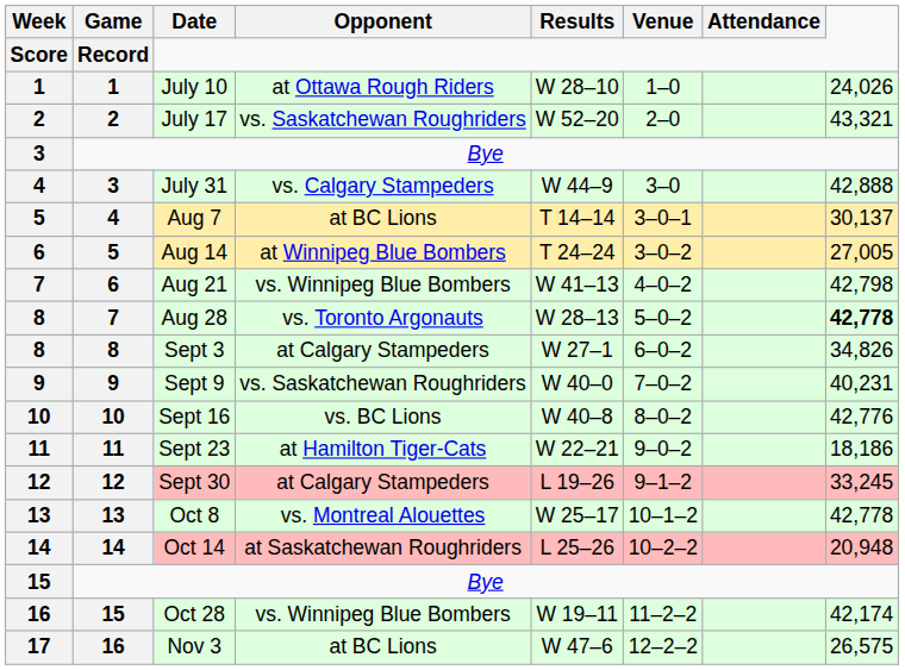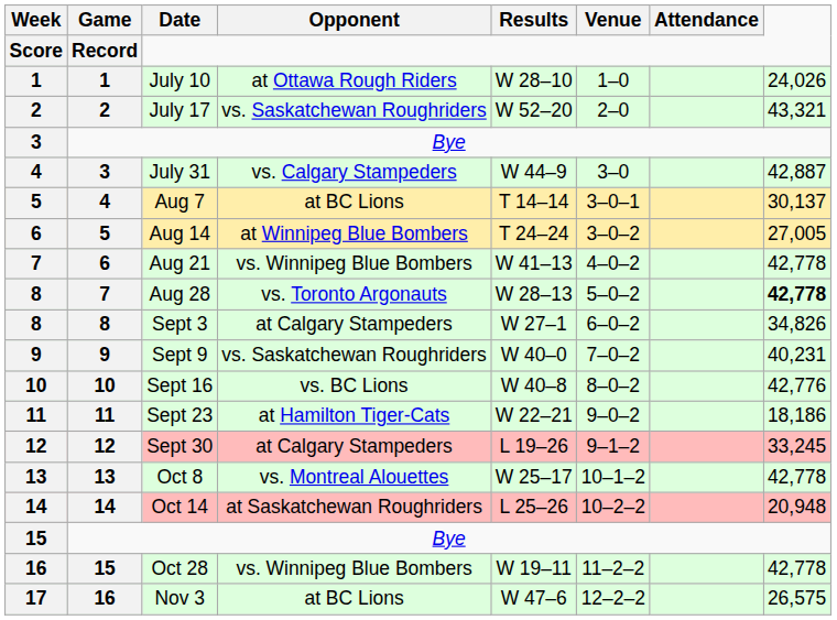 <table class="wikitable" style="text-align:center">
 <tr>
 <th>Week</th>
 <th>Game</th>
 <th>Date</th>
 <th>Opponent</th>
 <th>Results</th>
 <th>Venue</th>
 <th>Attendance</th>
 </tr>
 <tr>
 <th>Score</th>
 <th>Record</th>
 </tr>
 <tr style="background:#ddffdd">
 <th>1</th>
 <th>1</th>
 <td>July 10</td>
 <td>at <a href='#'>Ottawa Rough Riders</a></td>
 <td>W 28–10</td>
 <td>1–0</td>
 <td></td>
 <td>24,026</td>
 </tr>
 <tr style="background:#ddffdd">
 <th>2</th>
 <th>2</th>
 <td>July 17</td>
 <td>vs. <a href='#'>Saskatchewan Roughriders</a></td>
 <td>W 52–20</td>
 <td>2–0</td>
 <td></td>
 <td>43,321</td>
 </tr>
 <tr>
 <th>3</th>
 <td colspan=7><em><a href='#'>Bye</a></em></td>
 </tr>
 <tr style="background:#ddffdd">
 <th>4</th>
 <th>3</th>
 <td>July 31</td>
 <td>vs. <a href='#'>Calgary Stampeders</a></td>
 <td>W 44–9</td>
 <td>3–0</td>
 <td></td>
-<td>42,888</td>
+<td>42,887</td>
 </tr>
 <tr style="background:#ffeeaa">
 <th>5</th>
 <th>4</th>
 <td>Aug 7</td>
 <td>at BC Lions</td>
 <td>T 14–14</td>
 <td>3–0–1</td>
 <td></td>
 <td>30,137</td>
 </tr>
 <tr style="background:#ffeeaa">
 <th>6</th>
 <th>5</th>
 <td>Aug 14</td>
 <td>at <a href='#'>Winnipeg Blue Bombers</a></td>
 <td>T 24–24</td>
 <td>3–0–2</td>
 <td></td>
 <td>27,005</td>
 </tr>
 <tr style="background:#ddffdd">
 <th>7</th>
 <th>6</th>
 <td>Aug 21</td>
 <td>vs. Winnipeg Blue Bombers</td>
 <td>W 41–13</td>
 <td>4–0–2</td>
 <td></td>
-<td>42,798</td>
+<td>42,778</td>
 </tr>
 <tr style="background:#ddffdd">
 <th>8</th>
 <th>7</th>
 <td>Aug 28</td>
 <td>vs. <a href='#'>Toronto Argonauts</a></td>
 <td>W 28–13</td>
 <td>5–0–2</td>
 <td></td>
 <td><strong>42,778</strong></td>
 </tr>
 <tr style="background:#ddffdd">
 <th>8</th>
 <th>8</th>
 <td>Sept 3</td>
 <td>at Calgary Stampeders</td>
 <td>W 27–1</td>
 <td>6–0–2</td>
 <td></td>
 <td>34,826</td>
 </tr>
 <tr style="background:#ddffdd">
 <th>9</th>
 <th>9</th>
 <td>Sept 9</td>
 <td>vs. Saskatchewan Roughriders</td>
 <td>W 40–0</td>
 <td>7–0–2</td>
 <td></td>
 <td>40,231</td>
 </tr>
 <tr style="background:#ddffdd">
 <th>10</th>
 <th>10</th>
 <td>Sept 16</td>
 <td>vs. BC Lions</td>
 <td>W 40–8</td>
 <td>8–0–2</td>
 <td></td>
 <td>42,776</td>
 </tr>
 <tr style="background:#ddffdd">
 <th>11</th>
 <th>11</th>
 <td>Sept 23</td>
 <td>at <a href='#'>Hamilton Tiger-Cats</a></td>
 <td>W 22–21</td>
 <td>9–0–2</td>
 <td></td>
 <td>18,186</td>
 </tr>
 <tr style="background:#ffbbbb">
 <th>12</th>
 <th>12</th>
 <td>Sept 30</td>
 <td>at Calgary Stampeders</td>
 <td>L 19–26</td>
 <td>9–1–2</td>
 <td></td>
 <td>33,245</td>
 </tr>
 <tr style="background:#ddffdd">
 <th>13</th>
 <th>13</th>
 <td>Oct 8</td>
 <td>vs. <a href='#'>Montreal Alouettes</a></td>
 <td>W 25–17</td>
 <td>10–1–2</td>
 <td></td>
 <td>42,778</td>
 </tr>
 <tr style="background:#ffbbbb">
 <th>14</th>
 <th>14</th>
 <td>Oct 14</td>
 <td>at Saskatchewan Roughriders</td>
 <td>L 25–26</td>
 <td>10–2–2</td>
 <td></td>
 <td>20,948</td>
 </tr>
 <tr>
 <th>15</th>
 <td colspan=7><em><a href='#'>Bye</a></em></td>
 </tr>
 <tr style="background:#ddffdd">
 <th>16</th>
 <th>15</th>
 <td>Oct 28</td>
 <td>vs. Winnipeg Blue Bombers</td>
 <td>W 19–11</td>
 <td>11–2–2</td>
 <td></td>
-<td>42,174</td>
+<td>42,778</td>
 </tr>
 <tr style="background:#ddffdd">
 <th>17</th>
 <th>16</th>
 <td>Nov 3</td>
 <td>at BC Lions</td>
 <td>W 47–6</td>
 <td>12–2–2</td>
 <td></td>
 <td>26,575</td>
 </tr>
 </table>
